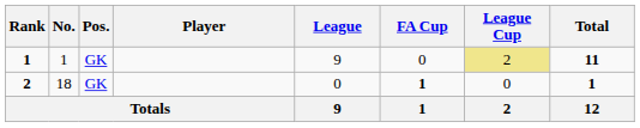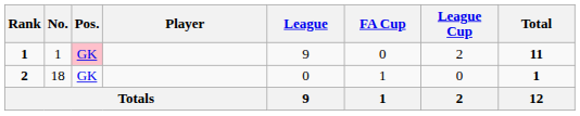 <table class="wikitable sortable alternance" style="text-align:center">
 <tr>
 <th style="width:10px">Rank</th>
 <th style="width:10px">No.</th>
 <th style="width:10px">Pos.</th>
 <th style="width:180px">Player</th>
 <th style="width:80px"><a href='#'>League</a></th>
 <th style="width:80px"><a href='#'>FA Cup</a></th>
 <th style="width:80px"><a href='#'>League Cup</a></th>
 <th style="width:80px">Total</th>
 </tr>
 <tr>
 <td><strong>1</strong></td>
 <td>1</td>
-<td><a href='#'>GK</a></td>
+<td style="background: pink;"><a href='#'>GK</a></td>
 <td align="left"></td>
 <td>9</td>
 <td>0</td>
-<td style="background: khaki;">2</td>
+<td>2</td>
 <td><strong>11</strong></td>
 </tr>
 <tr>
 <td><strong>2</strong></td>
 <td>18</td>
 <td><a href='#'>GK</a></td>
 <td align="left"></td>
 <td>0</td>
-<td><strong>1</strong></td>
+<td>1</td>
 <td>0</td>
 <td><strong>1</strong></td>
 </tr>
 <tr>
 <th colspan=4><strong>Totals</strong></th>
 <th>9</th>
 <th>1</th>
 <th>2</th>
 <th><strong>12</strong></th>
 </tr>
 </table>
